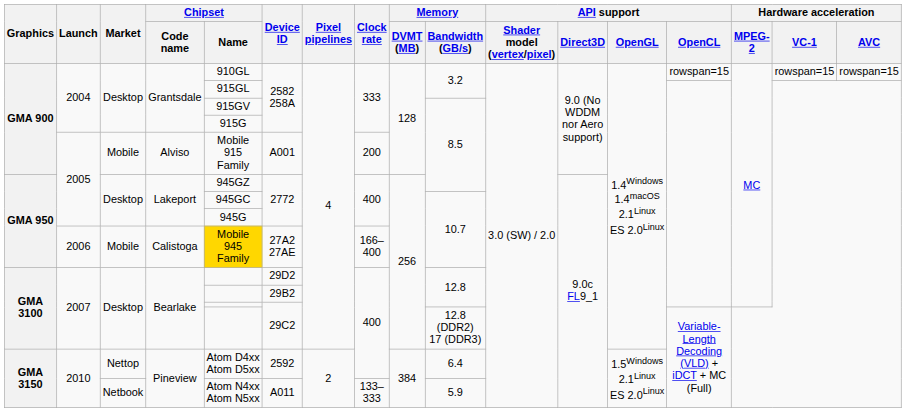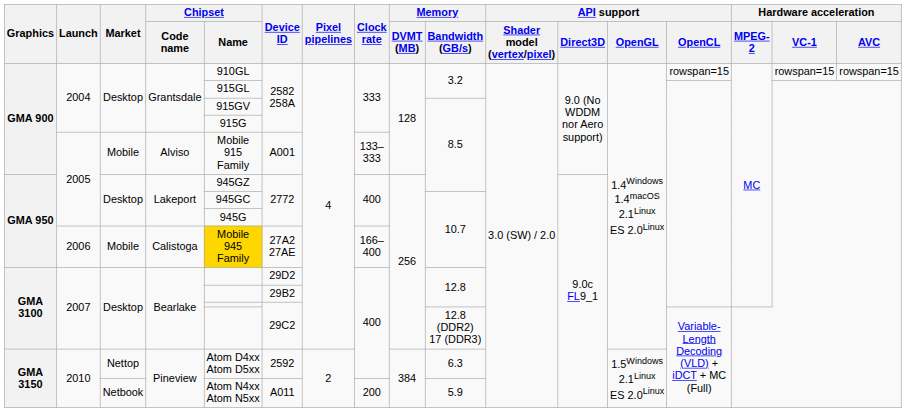 <table class="wikitable" style="text-align:center;">
 <tr>
 <th rowspan=2>Graphics</th>
 <th rowspan=2>Launch</th>
 <th rowspan=2>Market</th>
 <th colspan="2"><a href='#'>Chipset</a></th>
 <th rowspan="2"><a href='#'>Device<br>ID</a></th>
 <th rowspan="2"><a href='#'>Pixel <br>pipelines</a></th>
 <th rowspan="2"><a href='#'>Clock rate</a><br></th>
 <th colspan="2"><a href='#'>Memory</a></th>
 <th colspan="4"><a href='#'>API</a> support</th>
 <th colspan="3">Hardware acceleration</th>
 </tr>
 <tr>
 <th>Code name</th>
 <th>Name</th>
 <th><a href='#'>DVMT</a> <br>(<a href='#'>MB</a>)</th>
 <th><a href='#'>Bandwidth</a> <br>(<a href='#'>GB/s</a>)</th>
 <th><a href='#'>Shader</a> model<br>(<a href='#'>vertex</a>/<a href='#'>pixel</a>)</th>
 <th><a href='#'>Direct3D</a></th>
 <th><a href='#'>OpenGL</a></th>
 <th><a href='#'>OpenCL</a></th>
 <th><a href='#'>MPEG-2</a></th>
 <th><a href='#'>VC-1</a></th>
 <th><a href='#'>AVC</a></th>
 </tr>
 <tr>
 <th rowspan="5">GMA 900</th>
 <td rowspan="4">2004</td>
 <td rowspan=4>Desktop</td>
 <td rowspan="4">Grantsdale</td>
 <td>910GL</td>
 <td rowspan="4">2582<br> 258A</td>
 <td rowspan="13">4</td>
 <td rowspan="4">333</td>
 <td rowspan="5">128</td>
 <td rowspan="2">3.2</td>
 <td rowspan="15">3.0 (SW) / 2.0</td>
 <td rowspan=5>9.0 (No WDDM nor Aero support)</td>
 <td rowspan=13>1.4<sup>Windows</sup> <br> 1.4<sup>macOS</sup> <br> 2.1<sup>Linux</sup> <br> ES 2.0<sup>Linux</sup></td>
 <td>rowspan=15 </td>
 <td rowspan="12"><a href='#'>MC</a></td>
 <td>rowspan=15 </td>
 <td>rowspan=15 </td>
 </tr>
 <tr>
 <td>915GL</td>
 </tr>
 <tr>
 <td>915GV</td>
 <td rowspan=4>8.5</td>
 </tr>
 <tr>
 <td>915G</td>
 </tr>
 <tr>
 <td rowspan=4>2005</td>
 <td>Mobile</td>
 <td>Alviso</td>
 <td>Mobile 915<br>Family</td>
 <td>A001</td>
-<td>200</td>
+<td>133–333</td>
 </tr>
 <tr>
 <th rowspan="4">GMA 950</th>
 <td rowspan="3">Desktop</td>
 <td rowspan="3">Lakeport</td>
 <td>945GZ</td>
 <td rowspan="3">2772</td>
 <td rowspan=3>400</td>
 <td rowspan="8">256</td>
 <td rowspan="10">9.0c <br> <a href='#'>FL</a>9_1</td>
 </tr>
 <tr>
 <td>945GC</td>
 <td rowspan=3>10.7</td>
 </tr>
 <tr>
 <td>945G</td>
 </tr>
 <tr>
 <td>2006</td>
 <td>Mobile</td>
 <td>Calistoga</td>
 <td style="background: gold;">Mobile 945<br>Family</td>
 <td>27A2<br>27AE</td>
 <td>166–400</td>
 </tr>
 <tr>
 <th rowspan="4">GMA 3100</th>
 <td rowspan="4">2007</td>
 <td rowspan=4>Desktop</td>
 <td rowspan="4">Bearlake</td>
 <td></td>
 <td>29D2</td>
 <td rowspan=5>400</td>
 <td rowspan=3>12.8</td>
 </tr>
 <tr>
 <td></td>
 <td>29B2</td>
 </tr>
 <tr>
 <td></td>
 <td rowspan=2>29C2</td>
 </tr>
 <tr>
 <td></td>
 <td>12.8 (DDR2)<br>17 (DDR3)</td>
 <td rowspan=3><a href='#'>Variable-Length Decoding (VLD)</a> + <a href='#'>iDCT</a> + MC (Full)</td>
 </tr>
 <tr>
 <th rowspan="2">GMA 3150</th>
 <td rowspan="2">2010</td>
 <td>Nettop</td>
 <td rowspan="2">Pineview</td>
 <td>Atom D4xx<br>Atom D5xx</td>
 <td>2592</td>
 <td rowspan=2>2</td>
 <td rowspan="2">384</td>
-<td>6.4</td>
+<td>6.3</td>
 <td rowspan="2">1.5<sup>Windows</sup> <br> 2.1<sup>Linux</sup> <br> ES 2.0<sup>Linux</sup></td>
 </tr>
 <tr>
 <td>Netbook</td>
 <td>Atom N4xx<br>Atom N5xx</td>
 <td>A011</td>
-<td>133–333</td>
+<td>200</td>
 <td>5.9</td>
 </tr>
 </table>
